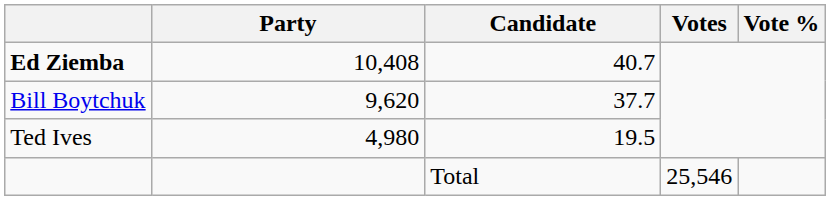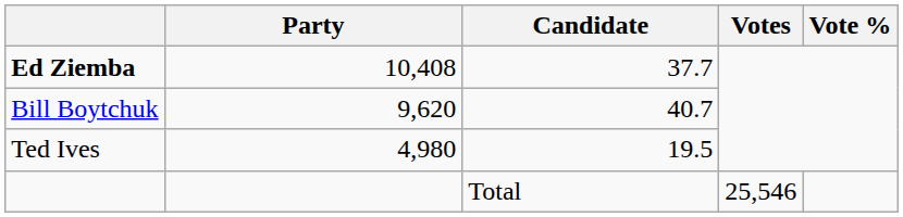 <table class="wikitable">
 <tr>
 <th></th>
 <th scope="col" width="175">Party</th>
 <th scope="col" width="150">Candidate</th>
 <th>Votes</th>
 <th>Vote %</th>
 </tr>
 <tr>
 <td><strong>Ed Ziemba</strong></td>
 <td align=right>10,408</td>
-<td align=right>40.7</td>
+<td align=right>37.7</td>
 </tr>
 <tr |>
 <td><a href='#'>Bill Boytchuk</a></td>
 <td align=right>9,620</td>
-<td align=right>37.7</td>
+<td align=right>40.7</td>
 </tr>
 <tr |>
 <td>Ted Ives</td>
 <td align=right>4,980</td>
 <td align=right>19.5<br> </td>
 </tr>
 <tr |>
 <td></td>
 <td></td>
 <td>Total</td>
 <td align=right>25,546</td>
 <td></td>
 </tr>
 </table>
